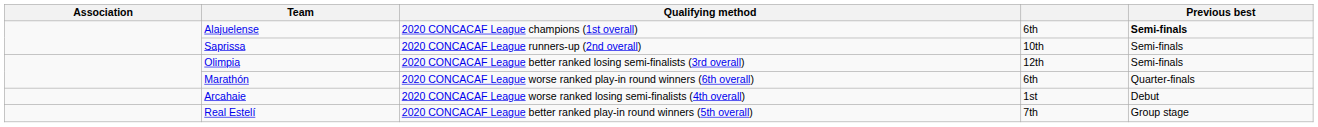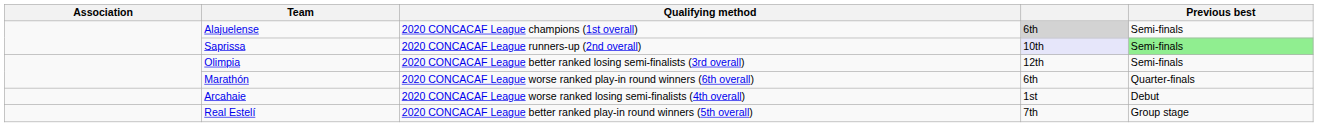 <table class="wikitable" style="table-layout:fixed;width:100%;">
 <tr>
 <th width=15%>Association</th>
 <th width=15%>Team</th>
 <th width=48%>Qualifying method</th>
 <th width=8%> </th>
 <th width=14%>Previous best </th>
 </tr>
 <tr>
 <td rowspan=2></td>
 <td><a href='#'>Alajuelense</a></td>
 <td><a href='#'>2020 CONCACAF League</a> champions (<a href='#'>1st overall</a>)</td>
-<td>6th </td>
-<td><strong>Semi-finals </strong></td>
+<td style="background: lightgrey;">6th </td>
+<td>Semi-finals </td>
 </tr>
 <tr>
 <td><a href='#'>Saprissa</a></td>
 <td><a href='#'>2020 CONCACAF League</a> runners-up (<a href='#'>2nd overall</a>)</td>
-<td>10th </td>
-<td>Semi-finals </td>
+<td style="background: lavender;">10th </td>
+<td style="background: lightgreen;">Semi-finals </td>
 </tr>
 <tr>
 <td rowspan=2></td>
 <td><a href='#'>Olimpia</a></td>
 <td><a href='#'>2020 CONCACAF League</a> better ranked losing semi-finalists (<a href='#'>3rd overall</a>)</td>
 <td>12th </td>
 <td>Semi-finals </td>
 </tr>
 <tr>
 <td><a href='#'>Marathón</a></td>
 <td><a href='#'>2020 CONCACAF League</a> worse ranked play-in round winners (<a href='#'>6th overall</a>)</td>
 <td>6th </td>
 <td>Quarter-finals </td>
 </tr>
 <tr>
 <td></td>
 <td><a href='#'>Arcahaie</a></td>
 <td><a href='#'>2020 CONCACAF League</a> worse ranked losing semi-finalists (<a href='#'>4th overall</a>)</td>
 <td>1st</td>
 <td>Debut</td>
 </tr>
 <tr>
 <td></td>
 <td><a href='#'>Real Estelí</a></td>
 <td><a href='#'>2020 CONCACAF League</a> better ranked play-in round winners (<a href='#'>5th overall</a>)</td>
 <td>7th </td>
 <td>Group stage </td>
 </tr>
 </table>
